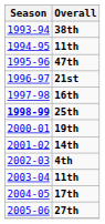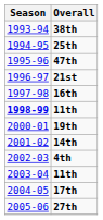 <table class="wikitable" style="text align: center;">
 <tr>
 <th>Season</th>
 <th>Overall</th>
 </tr>
 <tr>
 <td><a href='#'>1993-94</a></td>
 <td><strong>38th</strong></td>
 </tr>
 <tr>
 <td><a href='#'>1994-95</a></td>
-<td><strong>11th</strong></td>
+<td><strong>25th</strong></td>
 </tr>
 <tr>
 <td><a href='#'>1995-96</a></td>
 <td><strong>47th</strong></td>
 </tr>
 <tr>
 <td><a href='#'>1996-97</a></td>
 <td><strong>21st</strong></td>
 </tr>
 <tr>
 <td><a href='#'>1997-98</a></td>
 <td><strong>16th</strong></td>
 </tr>
 <tr>
 <td><strong><a href='#'>1998-99</a></strong></td>
-<td><strong>25th</strong></td>
+<td><strong>11th</strong></td>
 </tr>
 <tr>
 <td><a href='#'>2000-01</a></td>
 <td><strong>19th</strong></td>
 </tr>
 <tr>
 <td><a href='#'>2001-02</a></td>
 <td><strong>14th</strong></td>
 </tr>
 <tr>
 <td><a href='#'>2002-03</a></td>
 <td><strong>4th</strong></td>
 </tr>
 <tr>
 <td><a href='#'>2003-04</a></td>
 <td><strong>11th</strong></td>
 </tr>
 <tr>
 <td><a href='#'>2004-05</a></td>
 <td><strong>17th</strong></td>
 </tr>
 <tr>
 <td><a href='#'>2005-06</a></td>
 <td><strong>27th</strong></td>
 </tr>
 <tr>
 </tr>
 </table>
